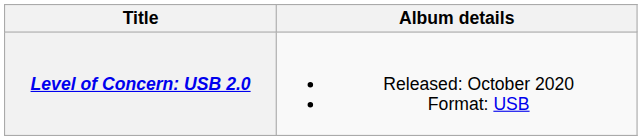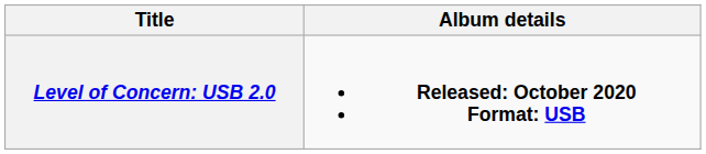 <table class="wikitable plainrowheaders" style="text-align:center;">
 <tr>
 <th scope="col" style="width:15em;">Title</th>
 <th scope="col" style="width:20em;">Album details</th>
 </tr>
 <tr>
 <th scope="row"><em><a href='#'>Level of Concern: USB 2.0</a></em></th>
-<td><br><ul><li>Released: October 2020</li><li>Format: <a href='#'>USB</a></li></ul></td>
+<td><strong><br><ul><li>Released: October 2020</li><li>Format: <a href='#'>USB</a></li></ul></strong></td>
 </tr>
 </table>
